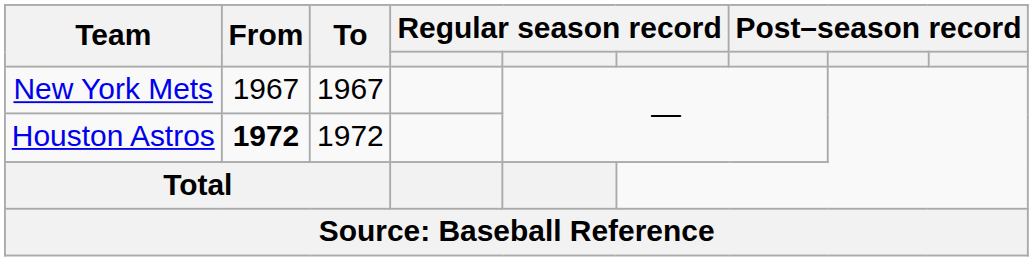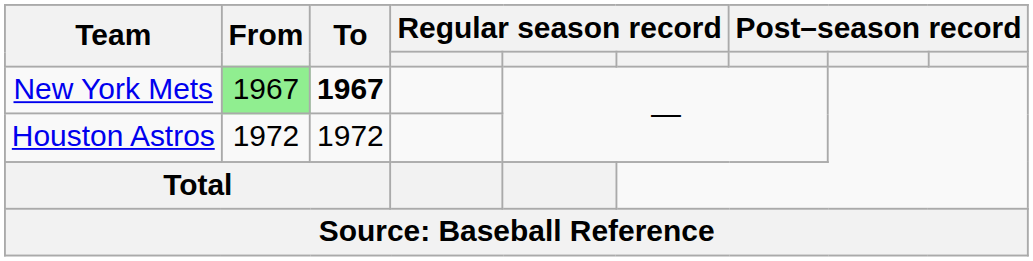 <table class="wikitable" Style="text-align: center;font-size:100%">
 <tr>
 <th rowspan="2">Team</th>
 <th rowspan="2">From</th>
 <th rowspan="2">To</th>
 <th colspan="3">Regular season record</th>
 <th colspan="3">Post–season record</th>
 </tr>
 <tr>
 <th></th>
 <th></th>
 <th></th>
 <th></th>
 <th></th>
 <th></th>
 </tr>
 <tr>
 <td><a href='#'>New York Mets</a></td>
-<td>1967</td>
-<td>1967</td>
+<td style="background: lightgreen;">1967</td>
+<td><strong>1967</strong></td>
 <td></td>
 <td rowspan="2" colspan="3">—</td>
 </tr>
 <tr>
 <td><a href='#'>Houston Astros</a></td>
-<td><strong>1972</strong></td>
+<td>1972</td>
 <td>1972</td>
 <td></td>
 </tr>
 <tr>
 <th colspan="3">Total</th>
 <th></th>
 <th></th>
 </tr>
 <tr>
 <th colspan="9">Source: Baseball Reference</th>
 </tr>
 </table>
